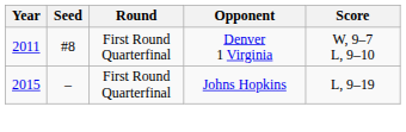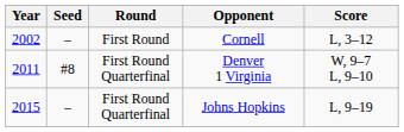 <table class="wikitable">
 <tr>
 <th style="width:40px; ">Year</th>
 <th style="width:40px; ">Seed</th>
 <th style="width:100px; ">Round</th>
 <th style="width:130px; ">Opponent</th>
 <th style="width:100px; ">Score</th>
+</tr>
+<tr align="center">
+<td><a href='#'>2002</a></td>
+<td>–</td>
+<td>First Round</td>
+<td><a href='#'>Cornell</a></td>
+<td>L, 3–12</td>
 </tr>
 <tr align="center">
 <td><a href='#'>2011</a></td>
 <td>#8</td>
 <td>First Round<br>Quarterfinal</td>
 <td><a href='#'>Denver</a><br>1 <a href='#'>Virginia</a></td>
 <td>W, 9–7<br>L, 9–10</td>
 </tr>
 <tr align="center">
 <td><a href='#'>2015</a></td>
 <td>–</td>
 <td>First Round<br>Quarterfinal</td>
 <td><a href='#'>Johns Hopkins</a></td>
 <td>L, 9–19</td>
 </tr>
 </table>
